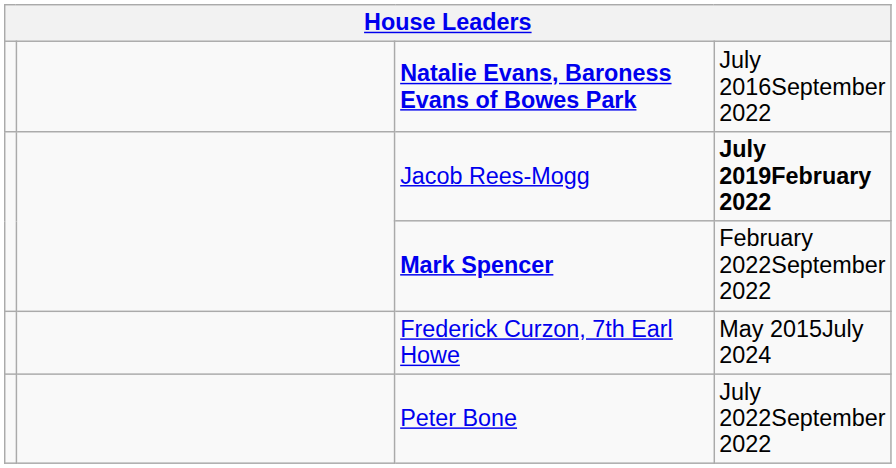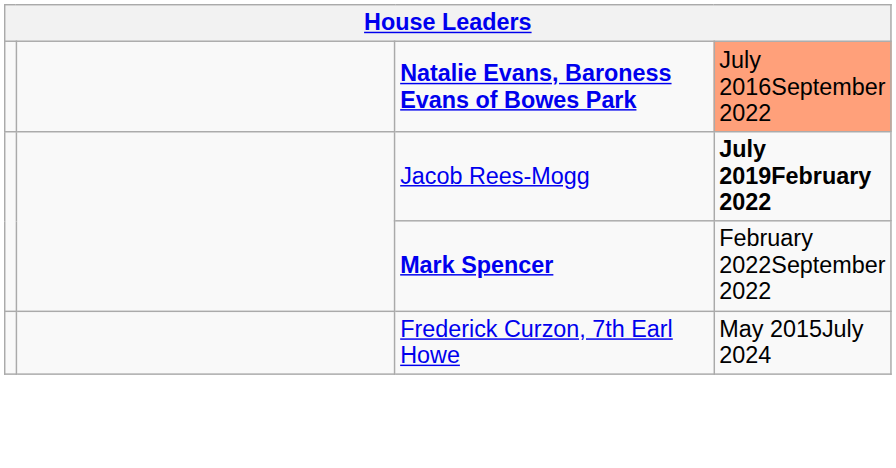 <table class="wikitable">
 <tr>
 <th colspan="4"><a href='#'>House Leaders</a></th>
 </tr>
 <tr>
 <td style="width: 1px; background: "></td>
 <td style="width: 450px;"></td>
 <td style="width: 320px;"><strong><a href='#'>Natalie Evans, Baroness Evans of Bowes Park</a></strong></td>
-<td>July 2016September 2022</td>
+<td style="background: lightsalmon;">July 2016September 2022</td>
 </tr>
 <tr>
 <td rowspan=2 style="width: 1px; background: "></td>
 <td rowspan=2 style="width: 450px;"></td>
 <td style="width: 320px;"><a href='#'>Jacob Rees-Mogg</a></td>
 <td><strong>July 2019February 2022</strong></td>
 </tr>
 <tr>
 <td style="width: 320px;"><strong><a href='#'>Mark Spencer</a></strong></td>
 <td>February 2022September 2022</td>
 </tr>
 <tr>
 <td style="width: 1px; background: "></td>
 <td></td>
 <td style="width: 320px;"><a href='#'>Frederick Curzon, 7th Earl Howe</a> </td>
 <td>May 2015July 2024</td>
 </tr>
-<tr>
-<td style="width: 1px; background: "></td>
-<td></td>
-<td style="width: 320px;"><a href='#'>Peter Bone</a></td>
-<td>July 2022September 2022</td>
-</tr>
 </table>
